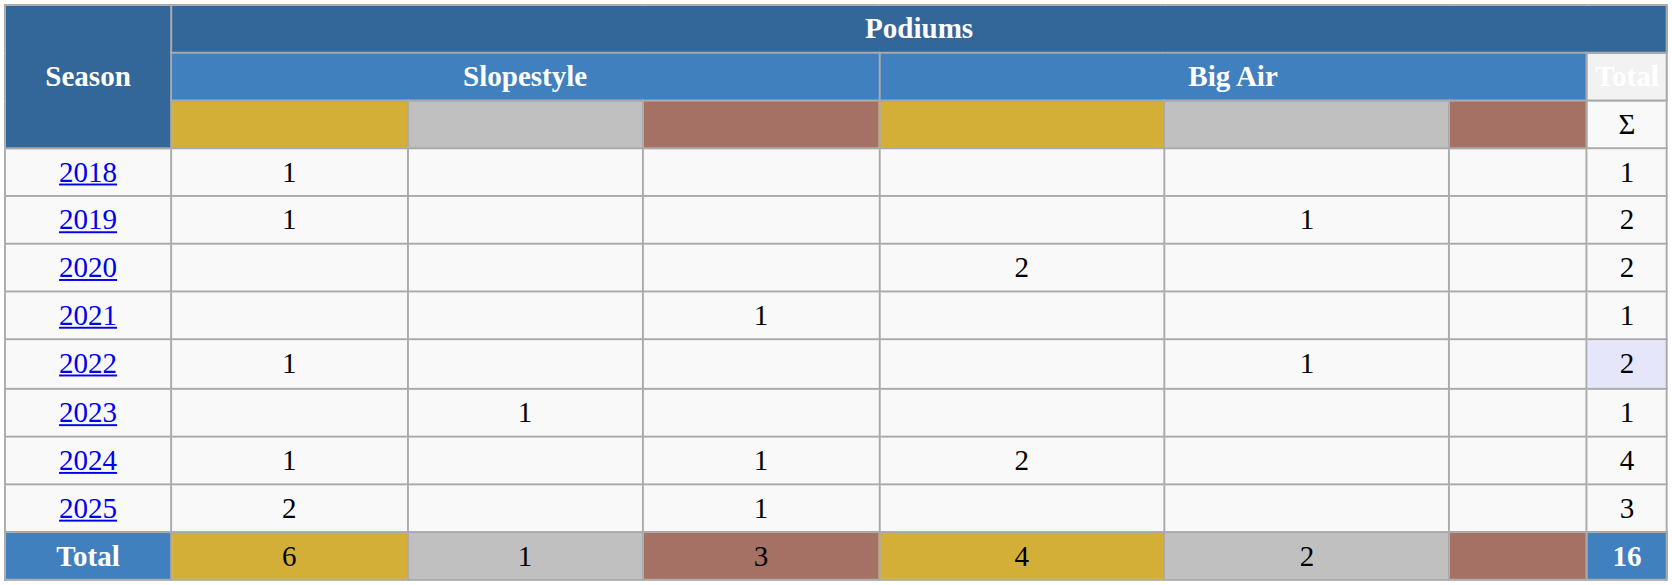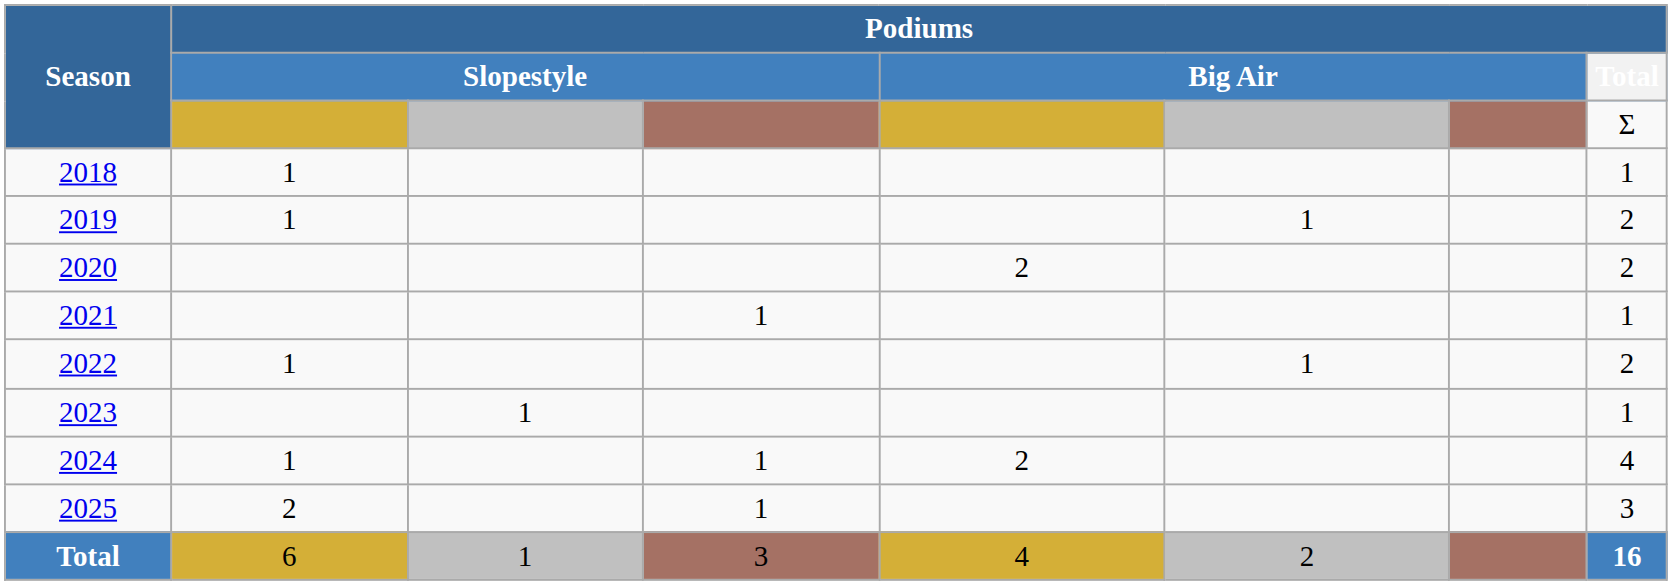 <table class="wikitable" style="font-size:95%; text-align:center; border:grey solid 1px; border-collapse:collapse;" width="55%">
 <tr style="background-color:#369; color:white;">
 <td rowspan="3" colspan="1" width="10%"><strong>Season</strong></td>
 <td colspan="7"><strong>Podiums</strong></td>
 </tr>
 <tr style="background-color:#4180be; color:white;">
 <th colspan="3" style="background:#4180be;" width="350">Slopestyle</th>
 <th colspan="3" style="background:#4180be;" width="350">Big Air</th>
 <th>Total</th>
 </tr>
 <tr>
 <td align="center" bgcolor="#d4af37"></td>
 <td align="center" bgcolor="silver"></td>
 <td align="center" bgcolor="#a57164"></td>
 <td align="center" bgcolor="#d4af37"></td>
 <td align="center" bgcolor="silver"></td>
 <td align="center" bgcolor="#a57164"></td>
 <td>Σ</td>
 </tr>
 <tr>
 <td align="center"><a href='#'>2018</a></td>
 <td>1</td>
 <td></td>
 <td></td>
 <td></td>
 <td></td>
 <td></td>
 <td>1</td>
 </tr>
 <tr>
 <td align="center"><a href='#'>2019</a></td>
 <td>1</td>
 <td></td>
 <td></td>
 <td></td>
 <td>1</td>
 <td></td>
 <td>2</td>
 </tr>
 <tr>
 <td align="center"><a href='#'>2020</a></td>
 <td></td>
 <td></td>
 <td></td>
 <td>2</td>
 <td></td>
 <td></td>
 <td>2</td>
 </tr>
 <tr>
 <td align="center"><a href='#'>2021</a></td>
 <td></td>
 <td></td>
 <td>1</td>
 <td></td>
 <td></td>
 <td></td>
 <td>1</td>
 </tr>
 <tr>
 <td align="center"><a href='#'>2022</a></td>
 <td>1</td>
 <td></td>
 <td></td>
 <td></td>
 <td>1</td>
 <td></td>
-<td style="background: lavender;">2</td>
+<td>2</td>
 </tr>
 <tr>
 <td align="center"><a href='#'>2023</a></td>
 <td></td>
 <td>1</td>
 <td></td>
 <td></td>
 <td></td>
 <td></td>
 <td>1</td>
 </tr>
 <tr>
 <td align="center"><a href='#'>2024</a></td>
 <td>1</td>
 <td></td>
 <td>1</td>
 <td>2</td>
 <td></td>
 <td></td>
 <td>4</td>
 </tr>
 <tr>
 <td align="center"><a href='#'>2025</a></td>
 <td>2</td>
 <td></td>
 <td>1</td>
 <td></td>
 <td></td>
 <td></td>
 <td>3</td>
 </tr>
 <tr>
 <td style="background-color:#4180be; color:white; width=100;"><strong>Total </strong></td>
 <td bgcolor="#d4af37">6</td>
 <td bgcolor="silver">1</td>
 <td bgcolor="#a57164">3</td>
 <td bgcolor="#d4af37">4</td>
 <td bgcolor="silver">2</td>
 <td bgcolor="#a57164"></td>
 <td style="background-color:#4180be; color:white; width=100;"><strong>16</strong></td>
 </tr>
 </table>
